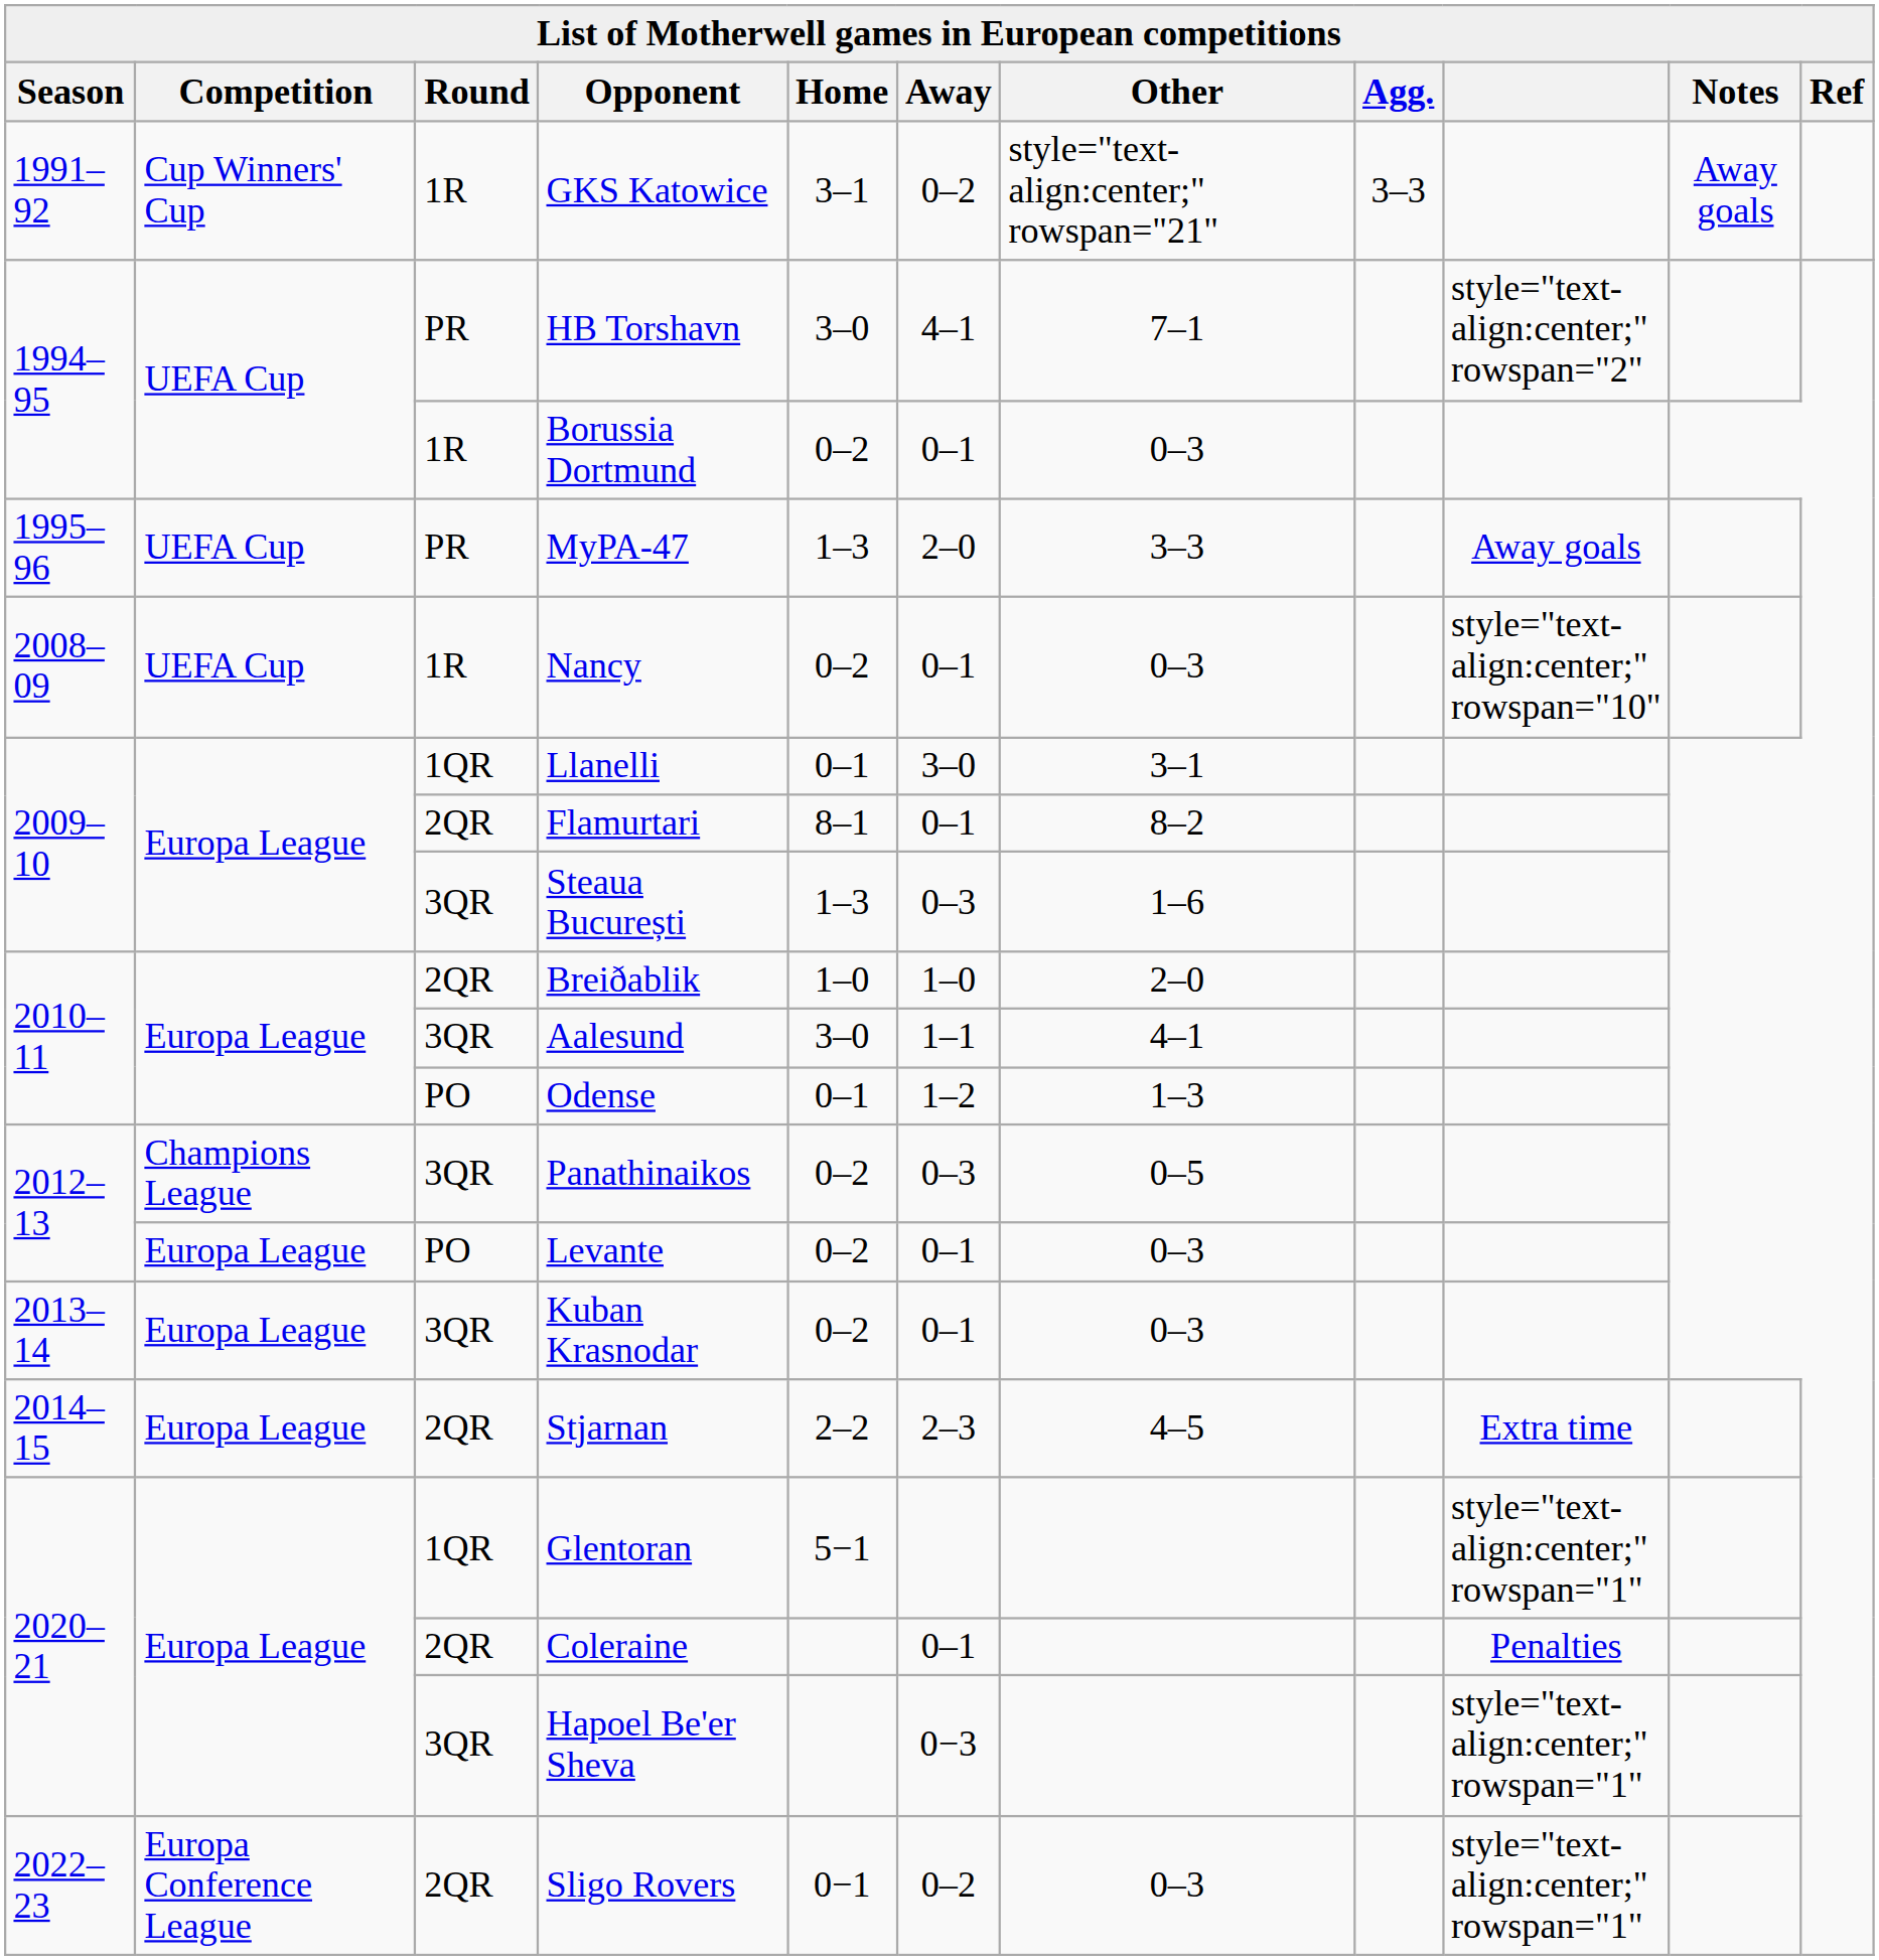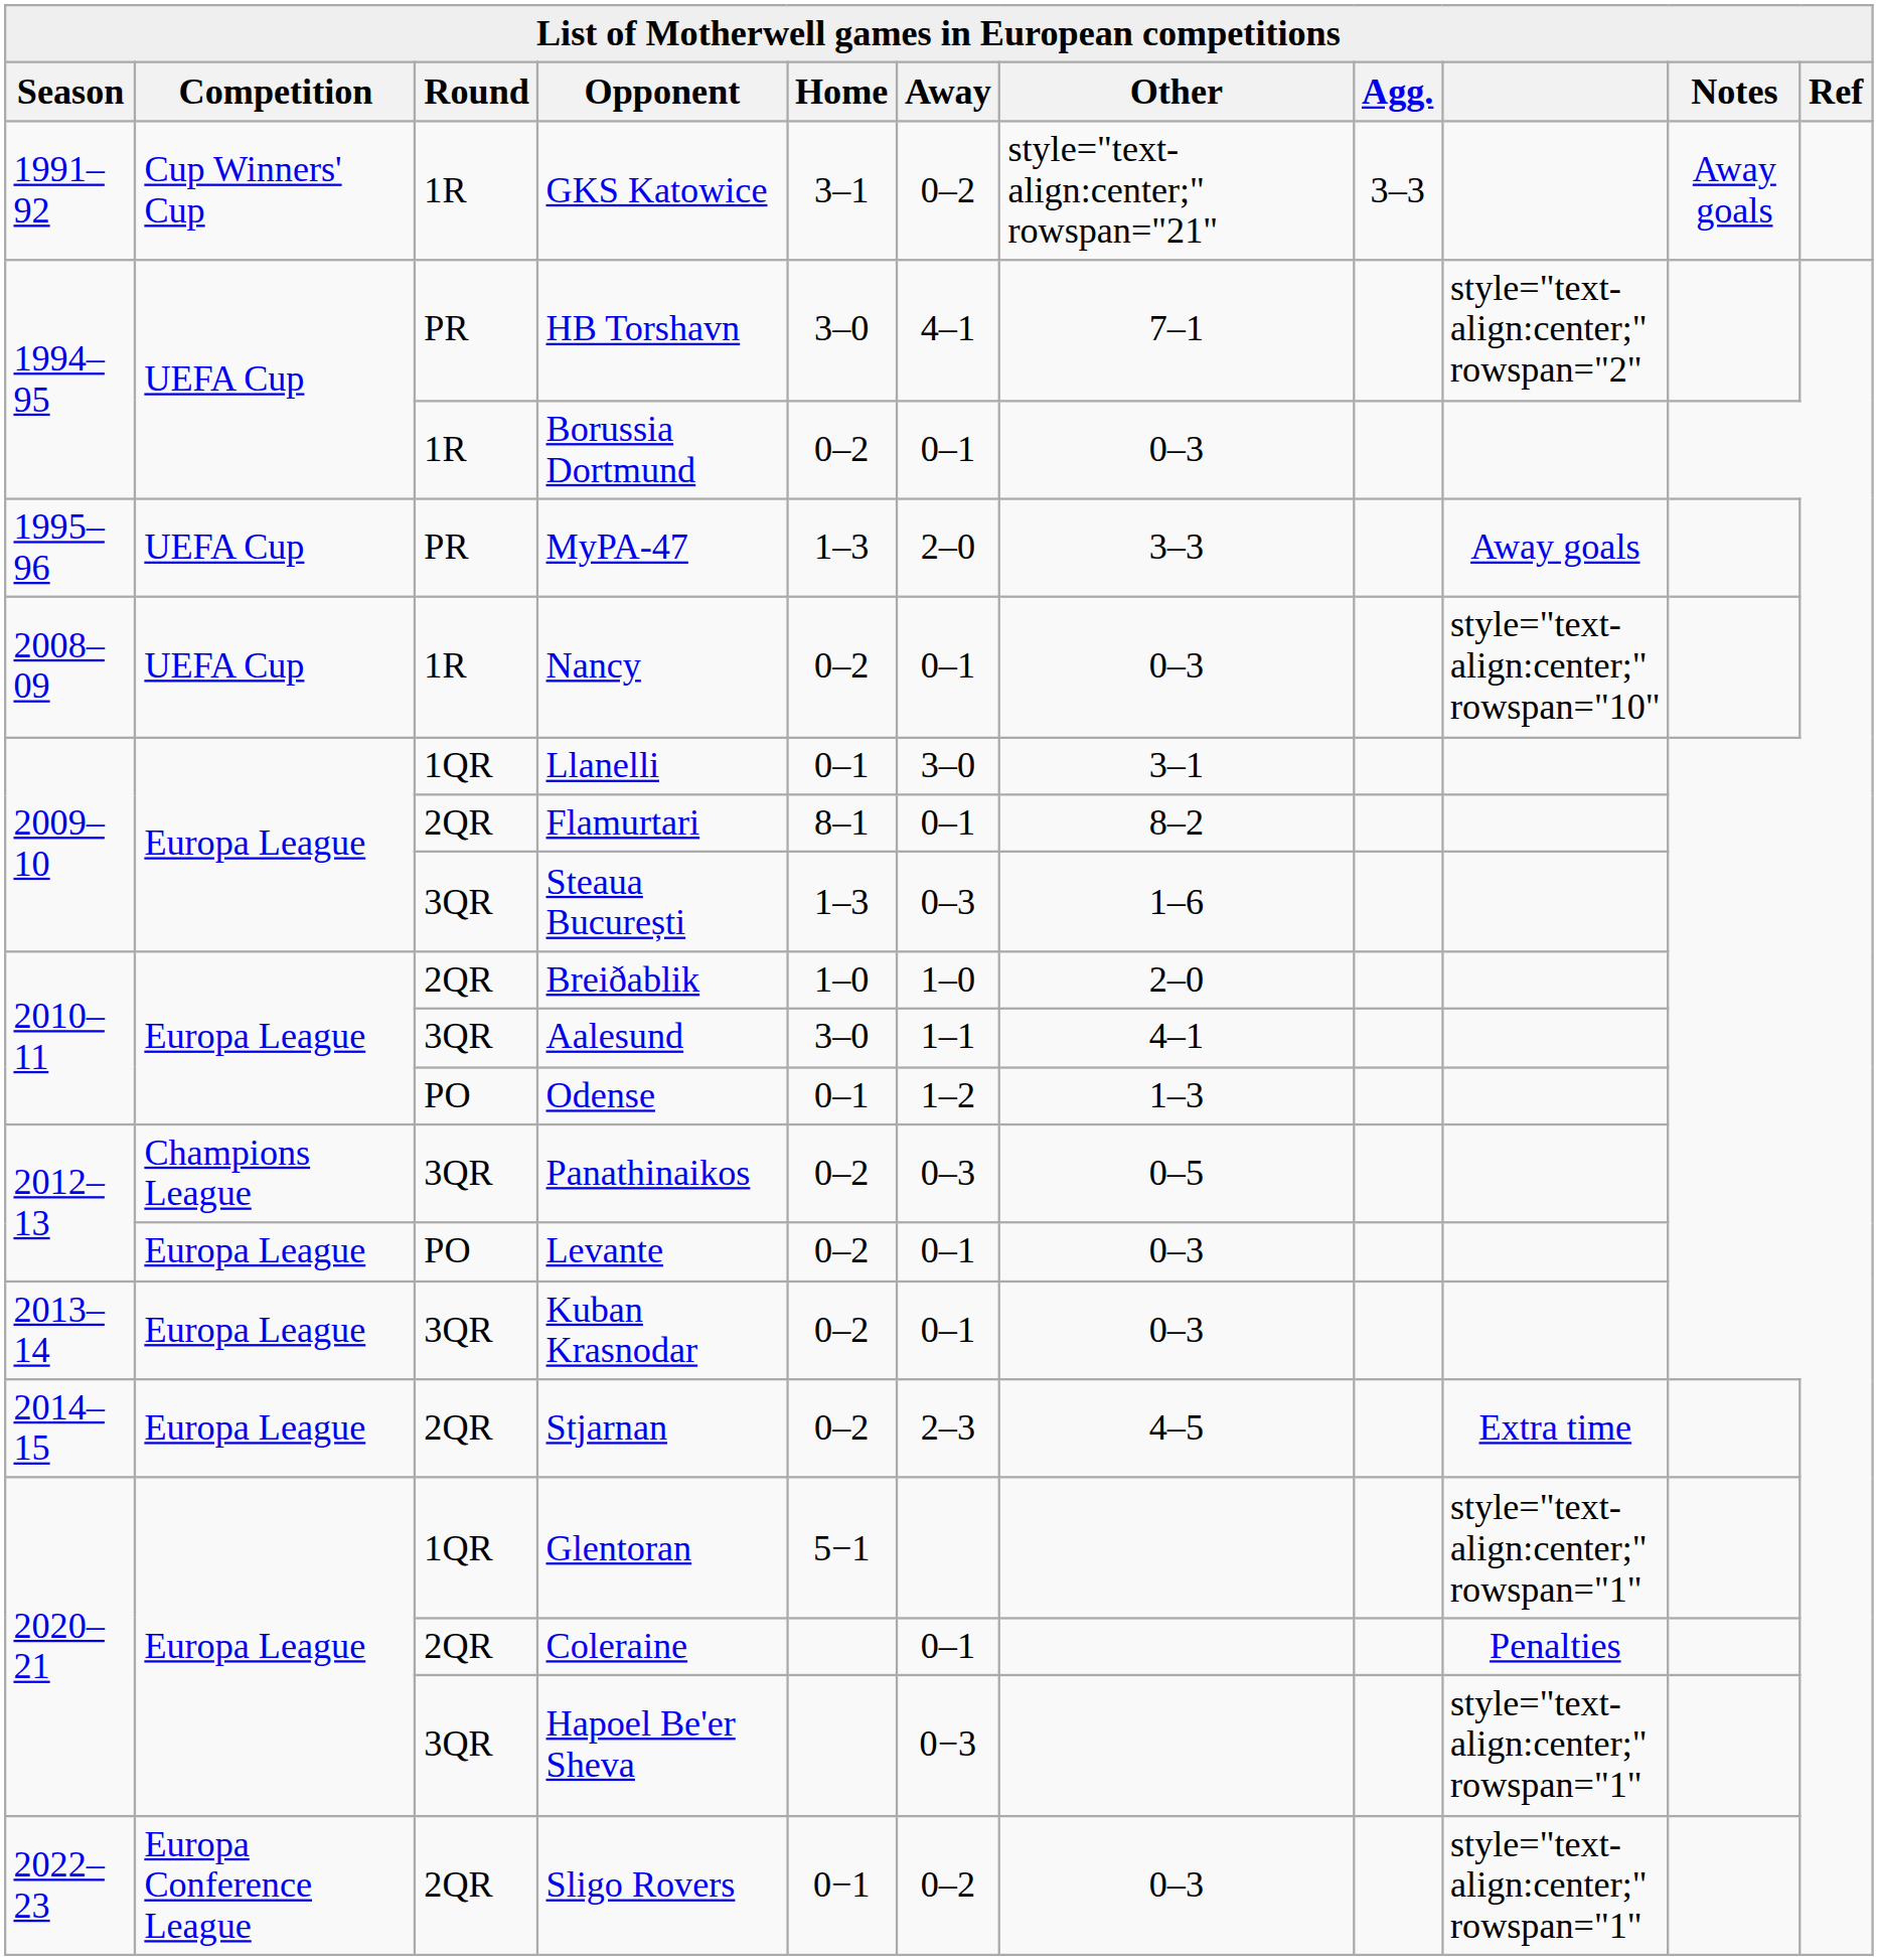 <table class="sortable plainrowheaders wikitable" width="65%" style="text-align: left;">
 <tr>
 <th style="background:#EFEFEF;" colspan=17>List of Motherwell games in European competitions</th>
 </tr>
 <tr>
 <th>Season</th>
 <th>Competition</th>
 <th>Round</th>
 <th>Opponent</th>
 <th>Home</th>
 <th>Away</th>
 <th>Other</th>
 <th><a href='#'>Agg.</a></th>
 <th scope="col" width=15></th>
 <th class="unsortable">Notes</th>
 <th class="unsortable">Ref</th>
 </tr>
 <tr>
 <td><a href='#'>1991–92</a></td>
 <td><a href='#'>Cup Winners' Cup</a></td>
 <td>1R</td>
 <td> <a href='#'>GKS Katowice</a></td>
 <td align=center>3–1</td>
 <td align=center>0–2</td>
 <td>style="text-align:center;" rowspan="21" </td>
 <td align=center>3–3</td>
 <td style="text-align:center;"></td>
 <td align=center><a href='#'>Away goals</a></td>
 <td></td>
 </tr>
 <tr>
 <td rowspan=2><a href='#'>1994–95</a></td>
 <td rowspan=2><a href='#'>UEFA Cup</a></td>
 <td>PR</td>
 <td> <a href='#'>HB Torshavn</a></td>
 <td align=center>3–0</td>
 <td align=center>4–1</td>
 <td align=center>7–1</td>
 <td style="text-align:center;"></td>
 <td>style="text-align:center;" rowspan="2" </td>
 <td></td>
 </tr>
 <tr>
 <td>1R</td>
 <td> <a href='#'>Borussia Dortmund</a></td>
 <td align=center>0–2</td>
 <td align=center>0–1</td>
 <td align=center>0–3</td>
 <td style="text-align:center;"></td>
 <td></td>
 </tr>
 <tr>
 <td><a href='#'>1995–96</a></td>
 <td><a href='#'>UEFA Cup</a></td>
 <td>PR</td>
 <td> <a href='#'>MyPA-47</a></td>
 <td align=center>1–3</td>
 <td align=center>2–0</td>
 <td align=center>3–3</td>
 <td style="text-align:center;"></td>
 <td align=center><a href='#'>Away goals</a></td>
 <td></td>
 </tr>
 <tr>
 <td><a href='#'>2008–09</a></td>
 <td><a href='#'>UEFA Cup</a></td>
 <td>1R</td>
 <td> <a href='#'>Nancy</a></td>
 <td align=center>0–2</td>
 <td align=center>0–1</td>
 <td align=center>0–3</td>
 <td style="text-align:center;"></td>
 <td>style="text-align:center;" rowspan="10" </td>
 <td></td>
 </tr>
 <tr>
 <td rowspan=3><a href='#'>2009–10</a></td>
 <td rowspan=3><a href='#'>Europa League</a></td>
 <td>1QR</td>
 <td> <a href='#'>Llanelli</a></td>
 <td align=center>0–1</td>
 <td align=center>3–0</td>
 <td align=center>3–1</td>
 <td style="text-align:center;"></td>
 <td></td>
 </tr>
 <tr>
 <td>2QR</td>
 <td> <a href='#'>Flamurtari</a></td>
 <td align=center>8–1</td>
 <td align=center>0–1</td>
 <td align=center>8–2</td>
 <td style="text-align:center;"></td>
 <td></td>
 </tr>
 <tr>
 <td>3QR</td>
 <td> <a href='#'>Steaua București</a></td>
 <td align=center>1–3</td>
 <td align=center>0–3</td>
 <td align=center>1–6</td>
 <td style="text-align:center;"></td>
 <td></td>
 </tr>
 <tr>
 <td rowspan=3><a href='#'>2010–11</a></td>
 <td rowspan=3><a href='#'>Europa League</a></td>
 <td>2QR</td>
 <td> <a href='#'>Breiðablik</a></td>
 <td align=center>1–0</td>
 <td align=center>1–0</td>
 <td align=center>2–0</td>
 <td style="text-align:center;"></td>
 <td></td>
 </tr>
 <tr>
 <td>3QR</td>
 <td> <a href='#'>Aalesund</a></td>
 <td align=center>3–0</td>
 <td align=center>1–1</td>
 <td align=center>4–1</td>
 <td style="text-align:center;"></td>
 <td></td>
 </tr>
 <tr>
 <td>PO</td>
 <td> <a href='#'>Odense</a></td>
 <td align=center>0–1</td>
 <td align=center>1–2</td>
 <td align=center>1–3</td>
 <td style="text-align:center;"></td>
 <td></td>
 </tr>
 <tr>
 <td rowspan=2><a href='#'>2012–13</a></td>
 <td><a href='#'>Champions League</a></td>
 <td>3QR</td>
 <td> <a href='#'>Panathinaikos</a></td>
 <td align=center>0–2</td>
 <td align=center>0–3</td>
 <td align=center>0–5</td>
 <td style="text-align:center;"></td>
 <td></td>
 </tr>
 <tr>
 <td><a href='#'>Europa League</a></td>
 <td>PO</td>
 <td> <a href='#'>Levante</a></td>
 <td align=center>0–2</td>
 <td align=center>0–1</td>
 <td align=center>0–3</td>
 <td style="text-align:center;"></td>
 <td></td>
 </tr>
 <tr>
 <td><a href='#'>2013–14</a></td>
 <td><a href='#'>Europa League</a></td>
 <td>3QR</td>
 <td> <a href='#'>Kuban Krasnodar</a></td>
 <td align=center>0–2</td>
 <td align=center>0–1</td>
 <td align=center>0–3</td>
 <td style="text-align:center;"></td>
 <td></td>
 </tr>
 <tr>
 <td><a href='#'>2014–15</a></td>
 <td><a href='#'>Europa League</a></td>
 <td>2QR</td>
 <td> <a href='#'>Stjarnan</a></td>
-<td align=center>2–2</td>
+<td align=center>0–2</td>
 <td align=center>2–3</td>
 <td align=center>4–5</td>
 <td style="text-align:center;"></td>
 <td align=center><a href='#'>Extra time</a></td>
 <td></td>
 </tr>
 <tr>
 <td rowspan=3><a href='#'>2020–21</a></td>
 <td rowspan=3><a href='#'>Europa League</a></td>
 <td>1QR</td>
 <td> <a href='#'>Glentoran</a></td>
 <td align=center>5−1</td>
 <td></td>
 <td></td>
 <td style="text-align:center;"></td>
 <td>style="text-align:center;" rowspan="1" </td>
 <td></td>
 </tr>
 <tr>
 <td>2QR</td>
 <td> <a href='#'>Coleraine</a></td>
 <td></td>
 <td align=center>0–1</td>
 <td></td>
 <td style="text-align:center;"></td>
 <td align=center><a href='#'>Penalties</a></td>
 <td></td>
 </tr>
 <tr>
 <td>3QR</td>
 <td> <a href='#'>Hapoel Be'er Sheva</a></td>
 <td></td>
 <td align=center>0−3</td>
 <td></td>
 <td style="text-align:center;"></td>
 <td>style="text-align:center;" rowspan="1" </td>
 <td></td>
 </tr>
 <tr>
 <td><a href='#'>2022–23</a></td>
 <td><a href='#'>Europa Conference League</a></td>
 <td>2QR</td>
 <td> <a href='#'>Sligo Rovers</a></td>
 <td align=center>0−1</td>
 <td align=center>0–2</td>
 <td align=center>0–3</td>
 <td style="text-align:center;"></td>
 <td>style="text-align:center;" rowspan="1" </td>
 <td></td>
 </tr>
 </table>
